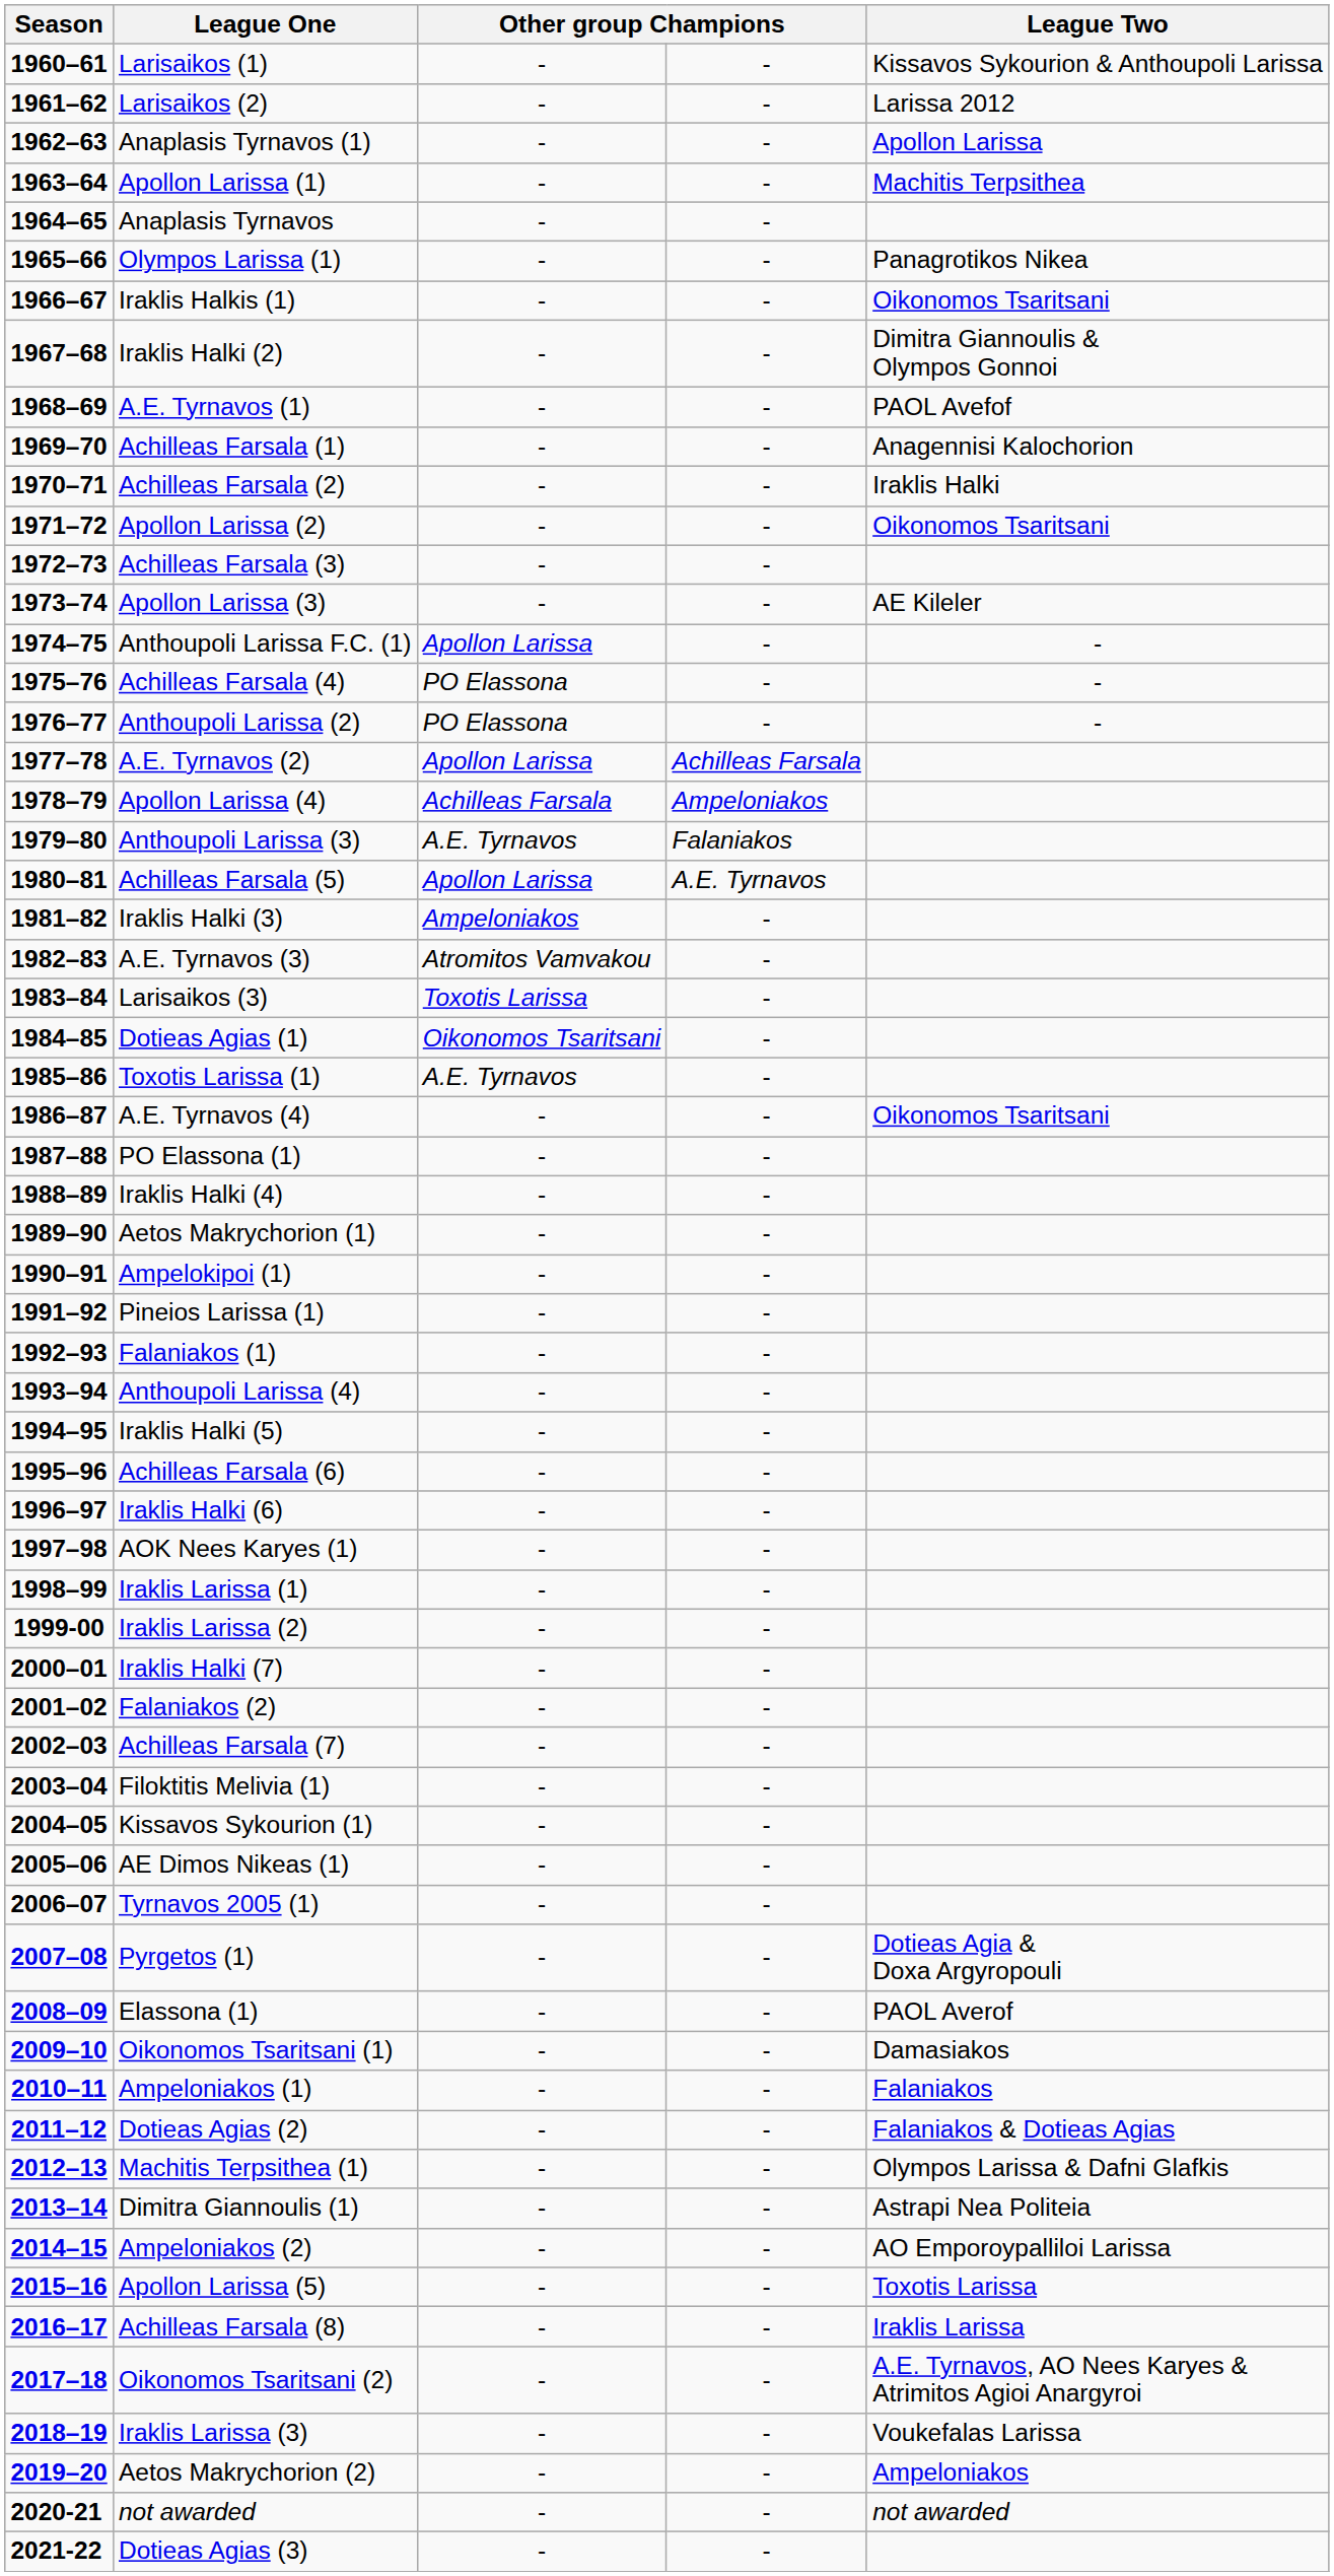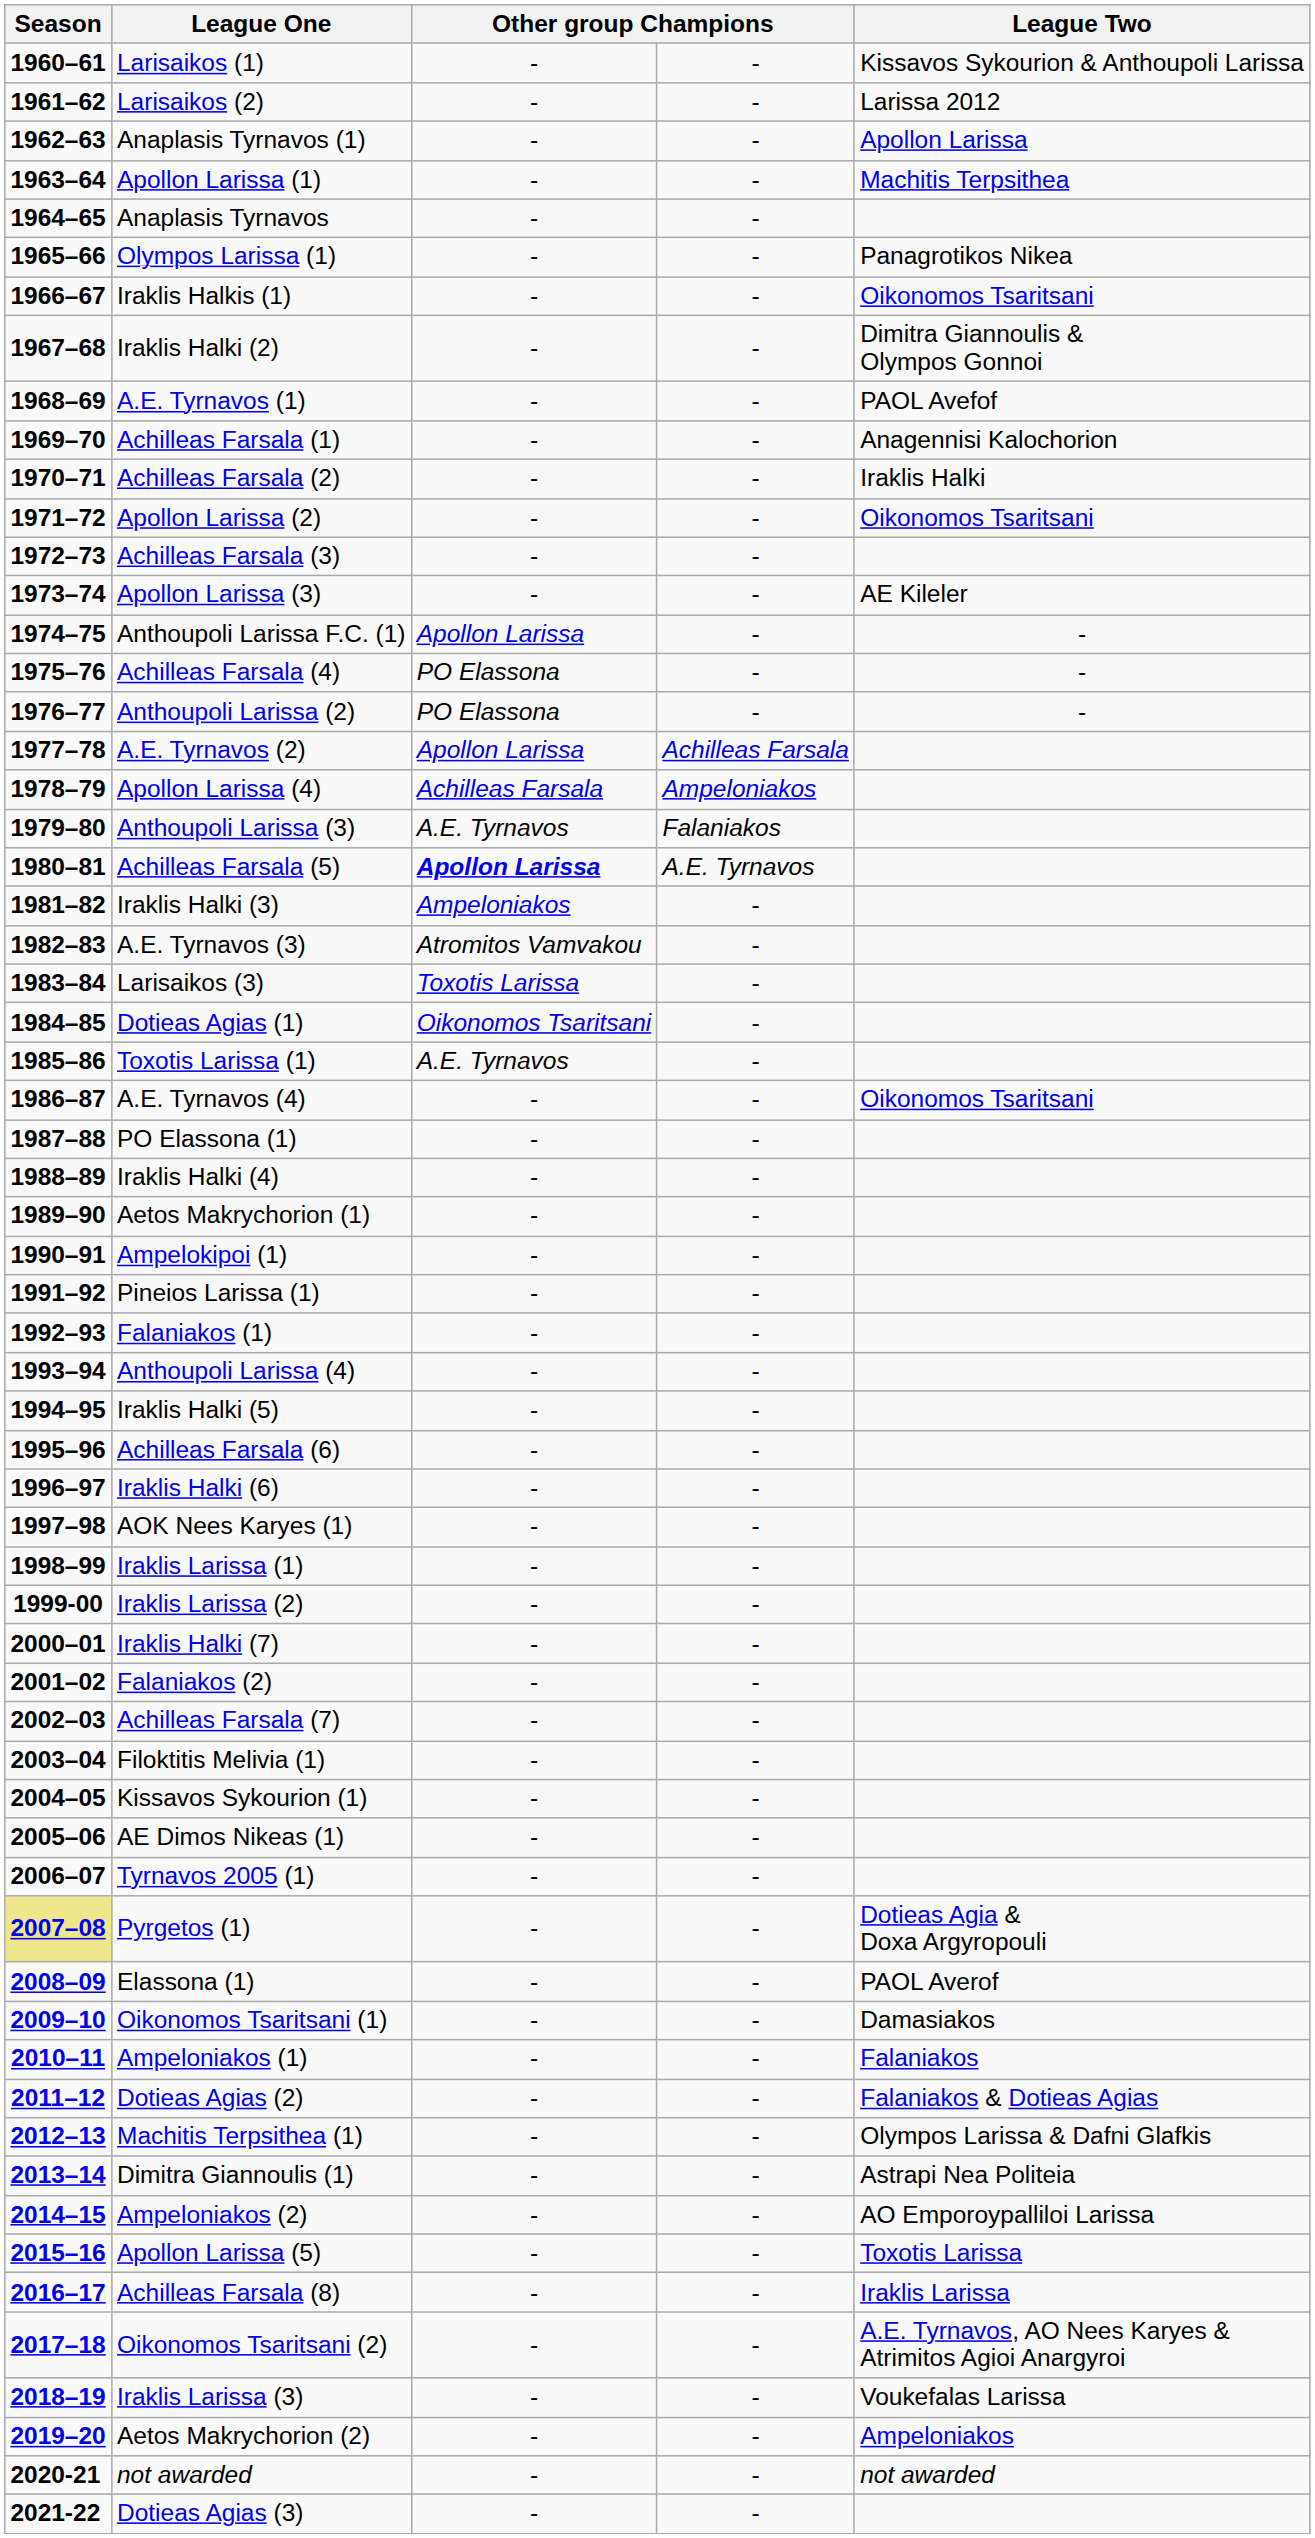 <table class="wikitable">
 <tr>
 <th>Season</th>
 <th>League One</th>
 <th colspan="2">Other group Champions</th>
 <th colspan="3">League Two</th>
 </tr>
 <tr>
 <td align="center"><strong>1960–61</strong></td>
 <td><a href='#'>Larisaikos</a> (1)</td>
 <td align="center">-</td>
 <td align="center">-</td>
 <td>Kissavos Sykourion & Anthoupoli Larissa</td>
 </tr>
 <tr>
 <td align="center"><strong>1961–62</strong></td>
 <td><a href='#'>Larisaikos</a> (2)</td>
 <td align="center">-</td>
 <td align="center">-</td>
 <td>Larissa 2012</td>
 </tr>
 <tr>
 <td align="center"><strong>1962–63</strong></td>
 <td>Anaplasis Tyrnavos (1)</td>
 <td align="center">-</td>
 <td align="center">-</td>
 <td><a href='#'>Apollon Larissa</a></td>
 </tr>
 <tr>
 <td align="center"><strong>1963–64</strong></td>
 <td><a href='#'>Apollon Larissa</a> (1)</td>
 <td align="center">-</td>
 <td align="center">-</td>
 <td><a href='#'>Machitis Terpsithea</a></td>
 </tr>
 <tr>
 <td align="center"><strong>1964–65</strong></td>
 <td>Anaplasis Tyrnavos</td>
 <td align="center">-</td>
 <td align="center">-</td>
 <td></td>
 </tr>
 <tr>
 <td align="center"><strong>1965–66</strong></td>
 <td><a href='#'>Olympos Larissa</a> (1)</td>
 <td align="center">-</td>
 <td align="center">-</td>
 <td>Panagrotikos Nikea</td>
 </tr>
 <tr>
 <td align="center"><strong>1966–67</strong></td>
 <td>Iraklis Halkis (1)</td>
 <td align="center">-</td>
 <td align="center">-</td>
 <td><a href='#'>Oikonomos Tsaritsani</a></td>
 </tr>
 <tr>
 <td align="center"><strong>1967–68</strong></td>
 <td>Iraklis Halki (2)</td>
 <td align="center">-</td>
 <td align="center">-</td>
 <td>Dimitra Giannoulis &<br> Olympos Gonnoi</td>
 </tr>
 <tr>
 <td align="center"><strong>1968–69</strong></td>
 <td><a href='#'>A.E. Tyrnavos</a> (1)</td>
 <td align="center">-</td>
 <td align="center">-</td>
 <td>PAOL Avefof</td>
 </tr>
 <tr>
 <td align="center"><strong>1969–70</strong></td>
 <td><a href='#'>Achilleas Farsala</a> (1)</td>
 <td align="center">-</td>
 <td align="center">-</td>
 <td>Anagennisi Kalochorion</td>
 </tr>
 <tr>
 <td align="center"><strong>1970–71</strong></td>
 <td><a href='#'>Achilleas Farsala</a> (2)</td>
 <td align="center">-</td>
 <td align="center">-</td>
 <td>Iraklis Halki</td>
 </tr>
 <tr>
 <td align="center"><strong>1971–72</strong></td>
 <td><a href='#'>Apollon Larissa</a> (2)</td>
 <td align="center">-</td>
 <td align="center">-</td>
 <td><a href='#'>Oikonomos Tsaritsani</a></td>
 </tr>
 <tr>
 <td align="center"><strong>1972–73</strong></td>
 <td><a href='#'>Achilleas Farsala</a> (3)</td>
 <td align="center">-</td>
 <td align="center">-</td>
 <td></td>
 </tr>
 <tr>
 <td align="center"><strong>1973–74</strong></td>
 <td><a href='#'>Apollon Larissa</a> (3)</td>
 <td align="center">-</td>
 <td align="center">-</td>
 <td>AE Kileler</td>
 </tr>
 <tr>
 <td align="center"><strong>1974–75</strong></td>
 <td>Anthoupoli Larissa F.C. (1)</td>
 <td><em><a href='#'>Apollon Larissa</a></em></td>
 <td align="center">-</td>
 <td align="center">-</td>
 </tr>
 <tr>
 <td align="center"><strong>1975–76</strong></td>
 <td><a href='#'>Achilleas Farsala</a> (4)</td>
 <td><em>PO Elassona</em></td>
 <td align="center">-</td>
 <td align="center">-</td>
 </tr>
 <tr>
 <td align="center"><strong>1976–77</strong></td>
 <td><a href='#'>Anthoupoli Larissa</a> (2)</td>
 <td><em>PO Elassona</em></td>
 <td align="center">-</td>
 <td align="center">-</td>
 </tr>
 <tr>
 <td align="center"><strong>1977–78</strong></td>
 <td><a href='#'>A.E. Tyrnavos</a> (2)</td>
 <td><em><a href='#'>Apollon Larissa</a></em></td>
 <td><em><a href='#'>Achilleas Farsala</a></em></td>
 <td></td>
 </tr>
 <tr>
 <td align="center"><strong>1978–79</strong></td>
 <td><a href='#'>Apollon Larissa</a> (4)</td>
 <td><em><a href='#'>Achilleas Farsala</a></em></td>
 <td><em><a href='#'>Ampeloniakos</a></em></td>
 <td></td>
 </tr>
 <tr>
 <td align="center"><strong>1979–80</strong></td>
 <td><a href='#'>Anthoupoli Larissa</a> (3)</td>
 <td><em>A.E. Tyrnavos</em></td>
 <td><em>Falaniakos</em></td>
 <td></td>
 </tr>
 <tr>
 <td align="center"><strong>1980–81</strong></td>
 <td><a href='#'>Achilleas Farsala</a> (5)</td>
-<td><em><a href='#'>Apollon Larissa</a></em></td>
+<td><strong><em><a href='#'>Apollon Larissa</a></em></strong></td>
 <td><em>A.E. Tyrnavos</em></td>
 <td></td>
 </tr>
 <tr>
 <td align="center"><strong>1981–82</strong></td>
 <td>Iraklis Halki (3)</td>
 <td><em><a href='#'>Ampeloniakos</a></em></td>
 <td align="center">-</td>
 <td></td>
 </tr>
 <tr>
 <td align="center"><strong>1982–83</strong></td>
 <td>A.E. Tyrnavos (3)</td>
 <td><em>Atromitos Vamvakou</em></td>
 <td align="center">-</td>
 <td></td>
 </tr>
 <tr>
 <td align="center"><strong>1983–84</strong></td>
 <td>Larisaikos (3)</td>
 <td><em><a href='#'>Toxotis Larissa</a></em></td>
 <td align="center">-</td>
 <td></td>
 </tr>
 <tr>
 <td align="center"><strong>1984–85</strong></td>
 <td><a href='#'>Dotieas Agias</a> (1)</td>
 <td><em><a href='#'>Oikonomos Tsaritsani</a></em></td>
 <td align="center">-</td>
 <td></td>
 </tr>
 <tr>
 <td align="center"><strong>1985–86</strong></td>
 <td><a href='#'>Toxotis Larissa</a> (1)</td>
 <td><em>A.E. Tyrnavos</em></td>
 <td align="center">-</td>
 <td></td>
 </tr>
 <tr>
 <td align="center"><strong>1986–87</strong></td>
 <td>A.E. Tyrnavos (4)</td>
 <td align="center">-</td>
 <td align="center">-</td>
 <td><a href='#'>Oikonomos Tsaritsani</a></td>
 </tr>
 <tr>
 <td align="center"><strong>1987–88</strong></td>
 <td>PO Elassona (1)</td>
 <td align="center">-</td>
 <td align="center">-</td>
 <td></td>
 </tr>
 <tr>
 <td align="center"><strong>1988–89</strong></td>
 <td>Iraklis Halki (4)</td>
 <td align="center">-</td>
 <td align="center">-</td>
 <td></td>
 </tr>
 <tr>
 <td align="center"><strong>1989–90</strong></td>
 <td>Aetos Makrychorion (1)</td>
 <td align="center">-</td>
 <td align="center">-</td>
 <td></td>
 </tr>
 <tr>
 <td align="center"><strong>1990–91</strong></td>
 <td><a href='#'>Ampelokipoi</a> (1)</td>
 <td align="center">-</td>
 <td align="center">-</td>
 <td></td>
 </tr>
 <tr>
 <td align="center"><strong>1991–92</strong></td>
 <td>Pineios Larissa (1)</td>
 <td align="center">-</td>
 <td align="center">-</td>
 <td></td>
 </tr>
 <tr>
 <td align="center"><strong>1992–93</strong></td>
 <td><a href='#'>Falaniakos</a> (1)</td>
 <td align="center">-</td>
 <td align="center">-</td>
 <td></td>
 </tr>
 <tr>
 <td align="center"><strong>1993–94</strong></td>
 <td><a href='#'>Anthoupoli Larissa</a> (4)</td>
 <td align="center">-</td>
 <td align="center">-</td>
 <td></td>
 </tr>
 <tr>
 <td align="center"><strong>1994–95</strong></td>
 <td>Iraklis Halki (5)</td>
 <td align="center">-</td>
 <td align="center">-</td>
 <td></td>
 </tr>
 <tr>
 <td align="center"><strong>1995–96</strong></td>
 <td><a href='#'>Achilleas Farsala</a> (6)</td>
 <td align="center">-</td>
 <td align="center">-</td>
 <td></td>
 </tr>
 <tr>
 <td align="center"><strong>1996–97</strong></td>
 <td><a href='#'>Iraklis Halki</a> (6)</td>
 <td align="center">-</td>
 <td align="center">-</td>
 <td></td>
 </tr>
 <tr>
 <td align="center"><strong>1997–98</strong></td>
 <td>AOK Nees Karyes (1)</td>
 <td align="center">-</td>
 <td align="center">-</td>
 <td></td>
 </tr>
 <tr>
 <td align="center"><strong>1998–99</strong></td>
 <td><a href='#'>Iraklis Larissa</a> (1)</td>
 <td align="center">-</td>
 <td align="center">-</td>
 <td></td>
 </tr>
 <tr>
 <td align="center"><strong>1999-00</strong></td>
 <td><a href='#'>Iraklis Larissa</a> (2)</td>
 <td align="center">-</td>
 <td align="center">-</td>
 <td></td>
 </tr>
 <tr>
 <td align="center"><strong>2000–01</strong></td>
 <td><a href='#'>Iraklis Halki</a> (7)</td>
 <td align="center">-</td>
 <td align="center">-</td>
 <td></td>
 </tr>
 <tr>
 <td align="center"><strong>2001–02</strong></td>
 <td><a href='#'>Falaniakos</a> (2)</td>
 <td align="center">-</td>
 <td align="center">-</td>
 <td></td>
 </tr>
 <tr>
 <td align="center"><strong>2002–03</strong></td>
 <td><a href='#'>Achilleas Farsala</a> (7)</td>
 <td align="center">-</td>
 <td align="center">-</td>
 <td></td>
 </tr>
 <tr>
 <td align="center"><strong>2003–04</strong></td>
 <td>Filoktitis Melivia (1)</td>
 <td align="center">-</td>
 <td align="center">-</td>
 <td></td>
 </tr>
 <tr>
 <td align="center"><strong>2004–05</strong></td>
 <td>Kissavos Sykourion (1)</td>
 <td align="center">-</td>
 <td align="center">-</td>
 <td></td>
 </tr>
 <tr>
 <td align="center"><strong>2005–06</strong></td>
 <td>AE Dimos Nikeas (1)</td>
 <td align="center">-</td>
 <td align="center">-</td>
 <td></td>
 </tr>
 <tr>
 <td align="center"><strong>2006–07</strong></td>
 <td><a href='#'>Tyrnavos 2005</a> (1)</td>
 <td align="center">-</td>
 <td align="center">-</td>
 <td></td>
 </tr>
 <tr>
-<td align="center"><a href='#'><strong>2007–08</strong></a></td>
+<td align="center" style="background: khaki;"><a href='#'><strong>2007–08</strong></a></td>
 <td><a href='#'>Pyrgetos</a> (1)</td>
 <td align="center">-</td>
 <td align="center">-</td>
 <td><a href='#'>Dotieas Agia</a> & <br>Doxa Argyropouli</td>
 </tr>
 <tr>
 <td align="center"><a href='#'><strong>2008–09</strong></a></td>
 <td>Elassona (1)</td>
 <td align="center">-</td>
 <td align="center">-</td>
 <td>PAOL Averof</td>
 </tr>
 <tr>
 <td align="center"><a href='#'><strong>2009–10</strong></a></td>
 <td><a href='#'>Oikonomos Tsaritsani</a> (1)</td>
 <td align="center">-</td>
 <td align="center">-</td>
 <td>Damasiakos</td>
 </tr>
 <tr>
 <td align="center"><a href='#'><strong>2010–11</strong></a></td>
 <td><a href='#'>Ampeloniakos</a> (1)</td>
 <td align="center">-</td>
 <td align="center">-</td>
 <td><a href='#'>Falaniakos</a></td>
 </tr>
 <tr>
 <td align="center"><a href='#'><strong>2011–12</strong></a></td>
 <td><a href='#'>Dotieas Agias</a> (2)</td>
 <td align="center">-</td>
 <td align="center">-</td>
 <td><a href='#'>Falaniakos</a> & <a href='#'>Dotieas Agias</a></td>
 </tr>
 <tr>
 <td align="center"><a href='#'><strong>2012–13</strong></a></td>
 <td><a href='#'>Machitis Terpsithea</a> (1)</td>
 <td align="center">-</td>
 <td align="center">-</td>
 <td>Olympos Larissa & Dafni Glafkis</td>
 </tr>
 <tr>
 <td align="center"><a href='#'><strong>2013–14</strong></a></td>
 <td>Dimitra Giannoulis (1)</td>
 <td align="center">-</td>
 <td align="center">-</td>
 <td>Astrapi Nea Politeia</td>
 </tr>
 <tr>
 <td align="center"><a href='#'><strong>2014–15</strong></a></td>
 <td><a href='#'>Ampeloniakos</a> (2)</td>
 <td align="center">-</td>
 <td align="center">-</td>
 <td>AO Emporoypalliloi Larissa</td>
 </tr>
 <tr>
 <td align="center"><a href='#'><strong>2015–16</strong></a></td>
 <td><a href='#'>Apollon Larissa</a> (5)</td>
 <td align="center">-</td>
 <td align="center">-</td>
 <td><a href='#'>Toxotis Larissa</a></td>
 </tr>
 <tr>
 <td align="center"><a href='#'><strong>2016–17</strong></a></td>
 <td><a href='#'>Achilleas Farsala</a> (8)</td>
 <td align="center">-</td>
 <td align="center">-</td>
 <td><a href='#'>Iraklis Larissa</a></td>
 </tr>
 <tr>
 <td align="center"><strong><a href='#'>2017–18</a></strong></td>
 <td><a href='#'>Oikonomos Tsaritsani</a> (2)</td>
 <td align="center">-</td>
 <td align="center">-</td>
 <td><a href='#'>A.E. Tyrnavos</a>, AO Nees Karyes & <br> Atrimitos Agioi Anargyroi</td>
 </tr>
 <tr>
 <td><strong><a href='#'>2018–19</a></strong></td>
 <td><a href='#'>Iraklis Larissa</a> (3)</td>
 <td align="center">-</td>
 <td align="center">-</td>
 <td>Voukefalas Larissa</td>
 </tr>
 <tr>
 <td><strong><a href='#'>2019–20</a></strong></td>
 <td>Aetos Makrychorion (2)</td>
 <td align="center">-</td>
 <td align="center">-</td>
 <td><a href='#'>Ampeloniakos</a></td>
 </tr>
 <tr>
 <td><strong>2020-21</strong></td>
 <td><em>not awarded</em></td>
 <td align="center">-</td>
 <td align="center">-</td>
 <td><em>not awarded</em></td>
 </tr>
 <tr>
 <td><strong>2021-22</strong></td>
 <td><a href='#'>Dotieas Agias</a> (3)</td>
 <td align="center">-</td>
 <td align="center">-</td>
 <td></td>
 </tr>
 <tr>
 </tr>
 </table>
